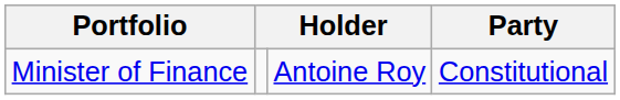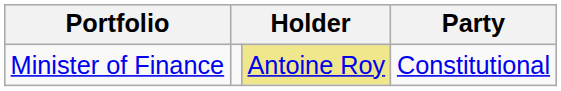 <table class="wikitable">
 <tr>
 <th>Portfolio</th>
 <th colspan=2>Holder</th>
 <th>Party</th>
 </tr>
 <tr>
 <td><a href='#'>Minister of Finance</a></td>
 <td style="background:"></td>
-<td><a href='#'>Antoine Roy</a></td>
+<td style="background: khaki;"><a href='#'>Antoine Roy</a></td>
 <td><a href='#'>Constitutional</a></td>
 </tr>
 </table>
